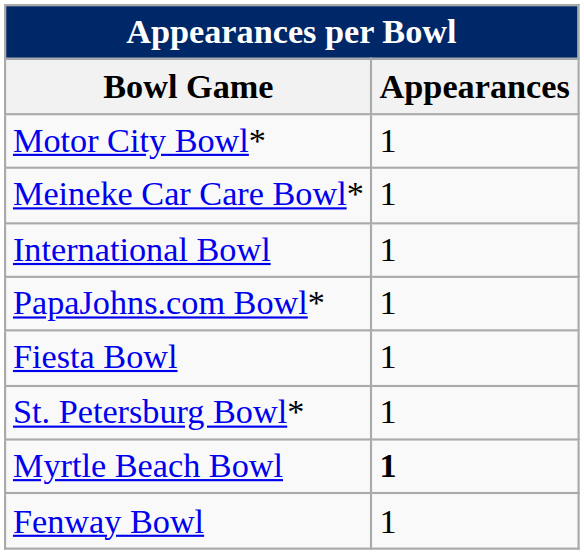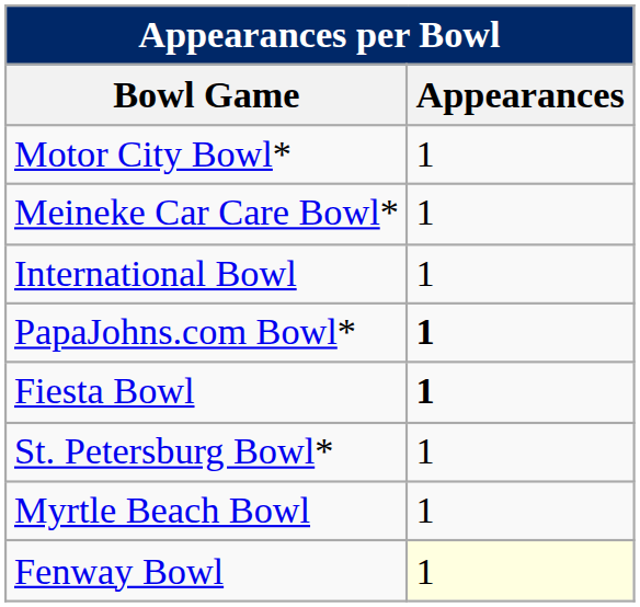 <table class="wikitable">
 <tr>
 <th colspan="5" style="background:#002868; color:white;">Appearances per Bowl</th>
 </tr>
 <tr>
 <th>Bowl Game</th>
 <th>Appearances</th>
 </tr>
 <tr>
 <td><a href='#'>Motor City Bowl</a>*</td>
 <td>1</td>
 </tr>
 <tr>
 <td><a href='#'>Meineke Car Care Bowl</a>*</td>
 <td>1</td>
 </tr>
 <tr>
 <td><a href='#'>International Bowl</a></td>
 <td>1</td>
 </tr>
 <tr>
 <td><a href='#'>PapaJohns.com Bowl</a>*</td>
-<td>1</td>
+<td><strong>1</strong></td>
 </tr>
 <tr>
 <td><a href='#'>Fiesta Bowl</a></td>
-<td>1</td>
+<td><strong>1</strong></td>
 </tr>
 <tr>
 <td><a href='#'>St. Petersburg Bowl</a>*</td>
 <td>1</td>
 </tr>
 <tr>
 <td><a href='#'>Myrtle Beach Bowl</a></td>
-<td><strong>1</strong></td>
+<td>1</td>
 </tr>
 <tr>
 <td><a href='#'>Fenway Bowl</a></td>
-<td>1</td>
+<td style="background: lightyellow;">1</td>
 </tr>
 </table>
